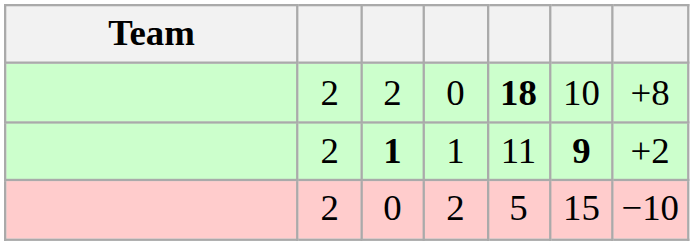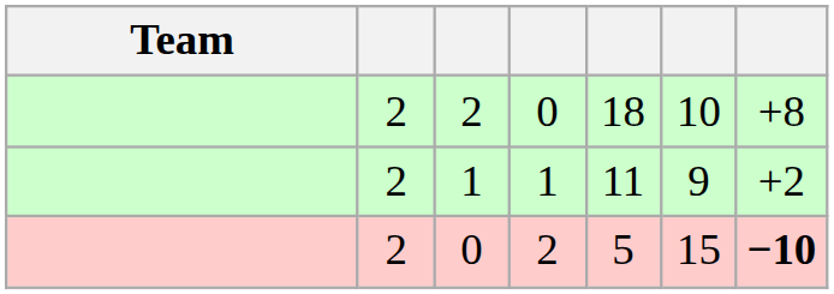 <table class=wikitable style=text-align:center>
 <tr>
 <th width=120>Team</th>
 <th width=20></th>
 <th width=20></th>
 <th width=20></th>
 <th width=20></th>
 <th width=20></th>
 <th width=20></th>
 </tr>
 <tr style="background-color:#ccffcc">
 <td style="text-align:left;"></td>
 <td>2</td>
 <td>2</td>
 <td>0</td>
-<td><strong>18</strong></td>
+<td>18</td>
 <td>10</td>
 <td>+8</td>
 </tr>
 <tr style="background-color:#ccffcc">
 <td style="text-align:left;"></td>
 <td>2</td>
-<td><strong>1</strong></td>
+<td>1</td>
 <td>1</td>
 <td>11</td>
-<td><strong>9</strong></td>
+<td>9</td>
 <td>+2</td>
 </tr>
 <tr style="background-color:#ffcccc">
 <td style="text-align:left;"></td>
 <td>2</td>
 <td>0</td>
 <td>2</td>
 <td>5</td>
 <td>15</td>
-<td>−10</td>
+<td><strong>−10</strong></td>
 </tr>
 </table>
